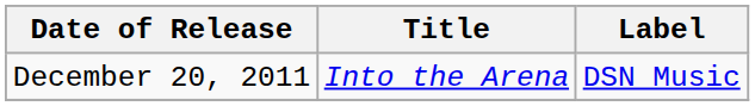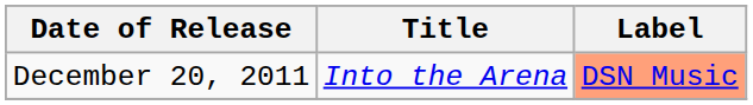 <table class="wikitable">
 <tr>
 <th>Date of Release</th>
 <th>Title</th>
 <th>Label</th>
 </tr>
 <tr>
 <td>December 20, 2011</td>
 <td><em><a href='#'>Into the Arena</a></em></td>
-<td><a href='#'>DSN Music</a></td>
+<td style="background: lightsalmon;"><a href='#'>DSN Music</a></td>
 </tr>
 <tr>
 </tr>
 </table>
